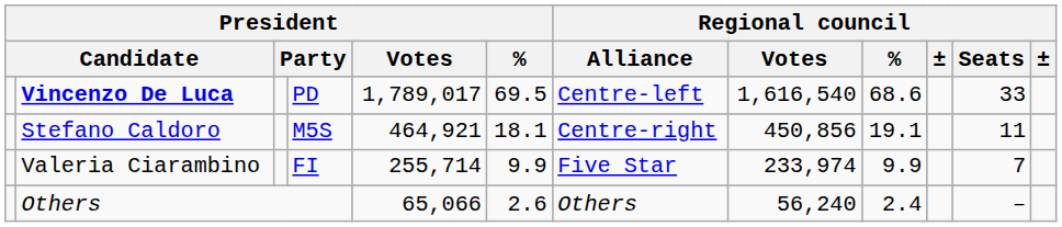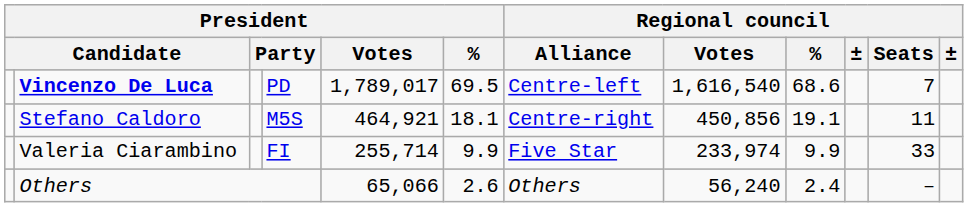 <table class="wikitable" style="text-align:right; style="width=70%">
 <tr>
 <th colspan="6">President</th>
 <th colspan="6">Regional council</th>
 </tr>
 <tr>
 <th colspan="2">Candidate</th>
 <th colspan="2">Party</th>
 <th>Votes</th>
 <th>%</th>
 <th>Alliance</th>
 <th>Votes</th>
 <th>%</th>
 <th>±</th>
 <th>Seats</th>
 <th>±</th>
 </tr>
 <tr>
 <td></td>
 <td style="text-align:left"><strong><a href='#'>Vincenzo De Luca</a></strong></td>
 <td></td>
 <td style="text-align:left"><a href='#'>PD</a></td>
 <td>1,789,017</td>
 <td>69.5</td>
 <td style="text-align:left"><a href='#'>Centre-left</a></td>
 <td>1,616,540</td>
 <td>68.6</td>
 <td></td>
-<td>33</td>
+<td>7</td>
 <td></td>
 </tr>
 <tr>
 <td></td>
 <td style="text-align:left"><a href='#'>Stefano Caldoro</a></td>
 <td></td>
 <td style="text-align:left"><a href='#'>M5S</a></td>
 <td>464,921</td>
 <td>18.1</td>
 <td style="text-align:left"><a href='#'>Centre-right</a></td>
 <td>450,856</td>
 <td>19.1</td>
 <td></td>
 <td>11</td>
 <td></td>
 </tr>
 <tr>
 <td></td>
 <td style="text-align:left">Valeria Ciarambino</td>
 <td></td>
 <td style="text-align:left"><a href='#'>FI</a></td>
 <td>255,714</td>
 <td>9.9</td>
 <td style="text-align:left"><a href='#'>Five Star</a></td>
 <td>233,974</td>
 <td>9.9</td>
 <td></td>
-<td>7</td>
+<td>33</td>
 <td></td>
 </tr>
 <tr>
 <td></td>
 <td colspan="3" style="text-align:left"><em>Others</em></td>
 <td>65,066</td>
 <td>2.6</td>
 <td style="text-align:left"><em>Others</em></td>
 <td>56,240</td>
 <td>2.4</td>
 <td></td>
 <td>–</td>
 <td></td>
 </tr>
 </table>
